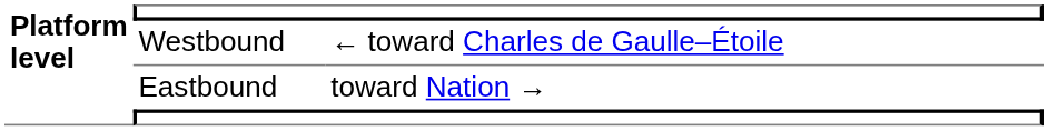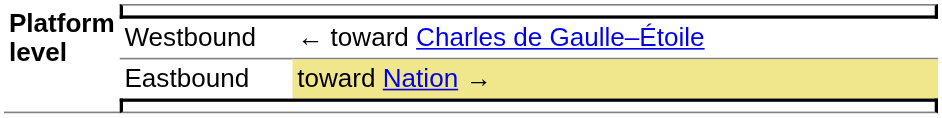 <table border=0 cellspacing=0 cellpadding=3>
 <tr>
 <td style="border-bottom:solid 1px gray;" width=50 rowspan=10 valign=top><strong>Platform level</strong></td>
 <td style="border-top:solid 1px gray;border-right:solid 2px black;border-left:solid 2px black;border-bottom:solid 2px black;text-align:center;" colspan=2></td>
 </tr>
 <tr>
 <td style="border-bottom:solid 1px gray;" width=100>Westbound</td>
 <td style="border-bottom:solid 1px gray;" width=390>←   toward <a href='#'>Charles de Gaulle–Étoile</a> </td>
 </tr>
 <tr>
 <td>Eastbound</td>
-<td>   toward <a href='#'>Nation</a>  →</td>
+<td style="background: khaki;">   toward <a href='#'>Nation</a>  →</td>
 </tr>
 <tr>
 <td style="border-top:solid 2px black;border-right:solid 2px black;border-left:solid 2px black;border-bottom:solid 1px gray;text-align:center;" colspan=2></td>
 </tr>
 </table>
